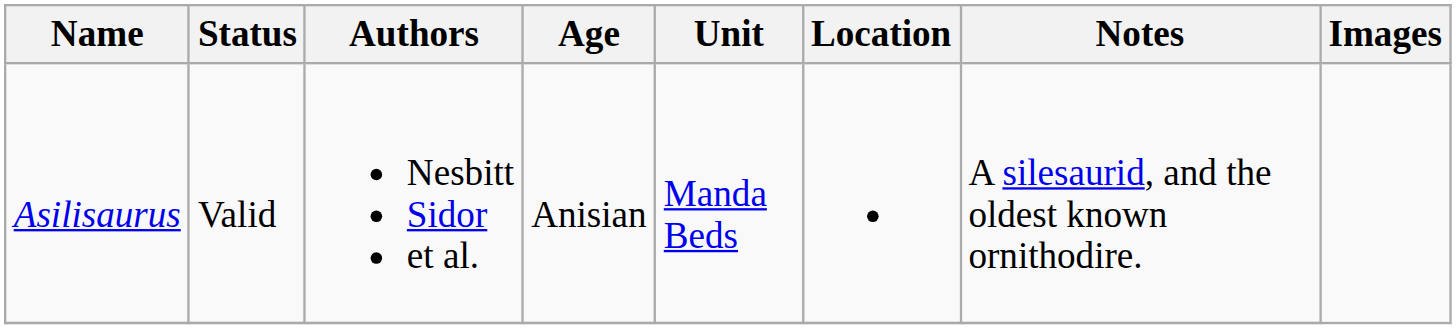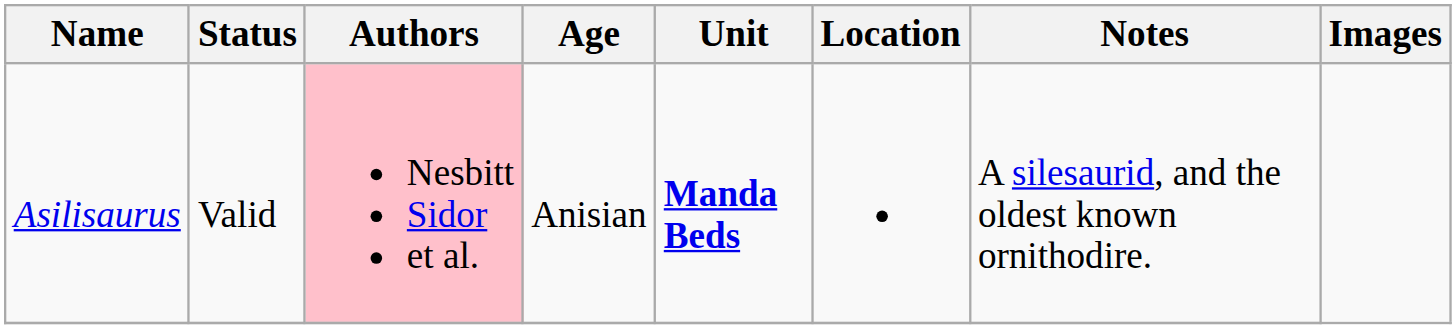 <table class="wikitable sortable" align="center" width="100%">
 <tr>
 <th>Name</th>
 <th>Status</th>
 <th>Authors</th>
 <th>Age</th>
 <th>Unit</th>
 <th>Location</th>
 <th>Notes</th>
 <th>Images</th>
 </tr>
 <tr>
 <td><br><em><a href='#'>Asilisaurus</a></em></td>
 <td><br>Valid</td>
-<td><br><ul><li>Nesbitt</li><li><a href='#'>Sidor</a></li><li>et al.</li></ul></td>
+<td style="background: pink;"><br><ul><li>Nesbitt</li><li><a href='#'>Sidor</a></li><li>et al.</li></ul></td>
 <td><br>Anisian</td>
-<td><br><a href='#'>Manda Beds</a></td>
+<td><strong><br><a href='#'>Manda Beds</a></strong></td>
 <td><br><ul><li></li></ul></td>
 <td><br>A <a href='#'>silesaurid</a>, and the oldest known ornithodire.</td>
 <td rowspan="47"><br></td>
 </tr>
 <tr>
 </tr>
 </table>
